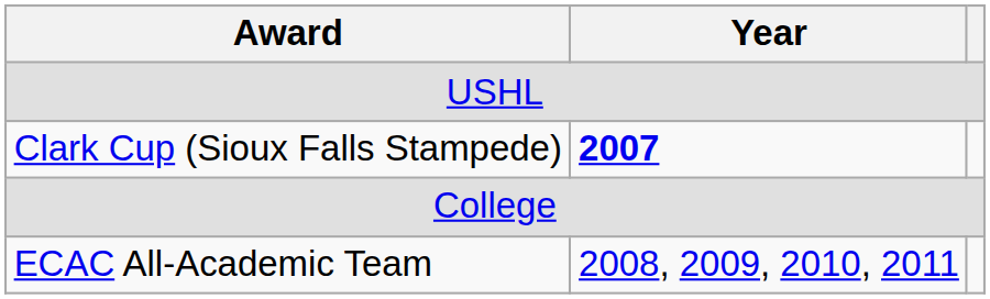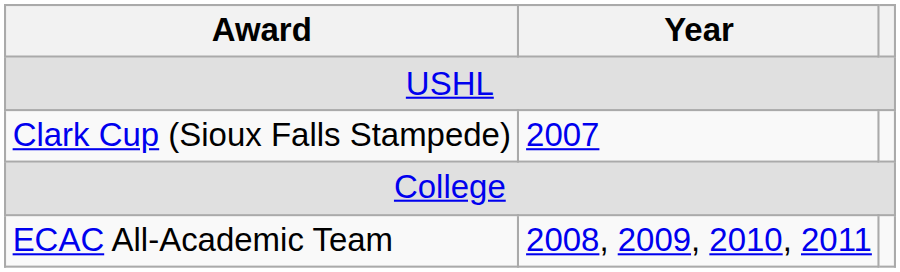 <table class="wikitable">
 <tr>
 <th>Award</th>
 <th>Year</th>
 <th></th>
 </tr>
 <tr ALIGN="center" bgcolor="#e0e0e0">
 <td colspan="3"><a href='#'>USHL</a></td>
 </tr>
 <tr>
 <td><a href='#'>Clark Cup</a> (Sioux Falls Stampede)</td>
-<td><strong><a href='#'>2007</a></strong></td>
+<td><a href='#'>2007</a></td>
 <td></td>
 </tr>
 <tr ALIGN="center" bgcolor="#e0e0e0">
 <td colspan="3"><a href='#'>College</a></td>
 </tr>
 <tr>
 <td><a href='#'>ECAC</a> All-Academic Team</td>
 <td><a href='#'>2008</a>, <a href='#'>2009</a>, <a href='#'>2010</a>, <a href='#'>2011</a></td>
 <td></td>
 </tr>
 </table>
